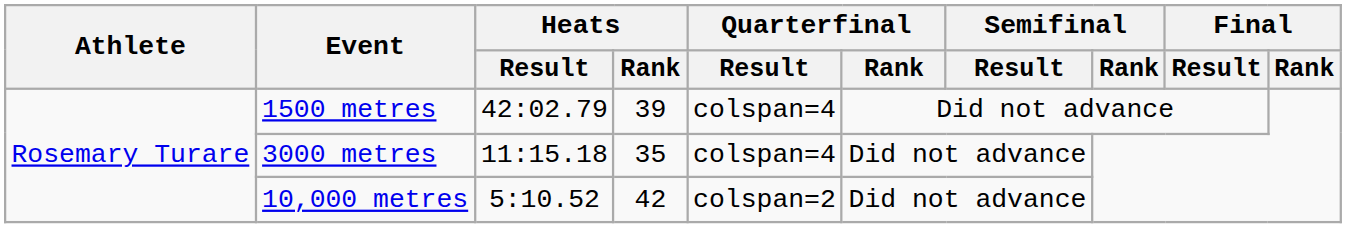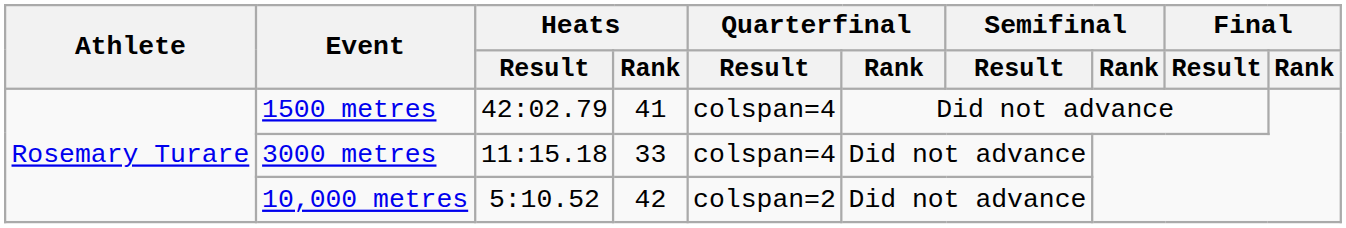 <table class="wikitable" style="font-size:90%">
 <tr>
 <th rowspan="2">Athlete</th>
 <th rowspan="2">Event</th>
 <th colspan="2">Heats</th>
 <th colspan="2">Quarterfinal</th>
 <th colspan="2">Semifinal</th>
 <th colspan="2">Final</th>
 </tr>
 <tr style="font-size:95%">
 <th>Result</th>
 <th>Rank</th>
 <th>Result</th>
 <th>Rank</th>
 <th>Result</th>
 <th>Rank</th>
 <th>Result</th>
 <th>Rank</th>
 </tr>
 <tr align=center>
 <td align=left rowspan=3><a href='#'>Rosemary Turare</a></td>
 <td align=left><a href='#'>1500 metres</a></td>
 <td>42:02.79</td>
-<td>39</td>
+<td>41</td>
 <td>colspan=4</td>
 <td colspan=4>Did not advance</td>
 </tr>
 <tr align=center>
 <td align=left><a href='#'>3000 metres</a></td>
 <td>11:15.18</td>
-<td>35</td>
+<td>33</td>
 <td>colspan=4</td>
 <td colspan=2>Did not advance</td>
 </tr>
 <tr align=center>
 <td align=left><a href='#'>10,000 metres</a></td>
 <td>5:10.52</td>
 <td>42</td>
 <td>colspan=2</td>
 <td colspan=2>Did not advance</td>
 </tr>
 </table>
